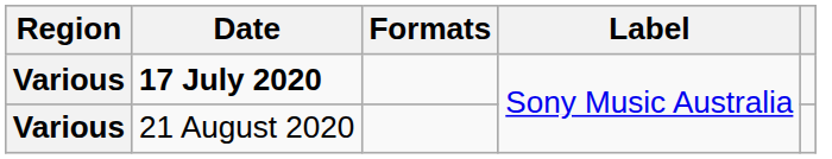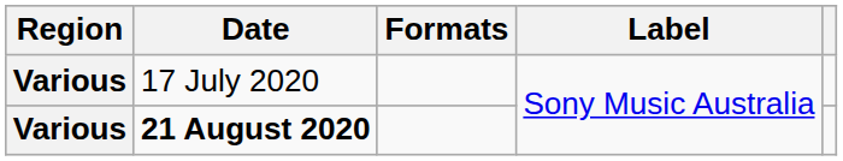 <table class="wikitable plainrowheaders">
 <tr>
 <th scope="col">Region</th>
 <th scope="col">Date</th>
 <th scope="col">Formats</th>
 <th scope="col">Label</th>
 <th scope="col"></th>
 </tr>
 <tr>
 <th scope="row">Various</th>
-<td><strong>17 July 2020</strong></td>
+<td>17 July 2020</td>
 <td></td>
 <td rowspan="2"><a href='#'>Sony Music Australia</a></td>
 <td style="text-align:center;"></td>
 </tr>
 <tr>
 <th scope="row">Various</th>
-<td>21 August 2020</td>
+<td><strong>21 August 2020</strong></td>
 <td></td>
 <td style="text-align:center;"></td>
 </tr>
 </table>
